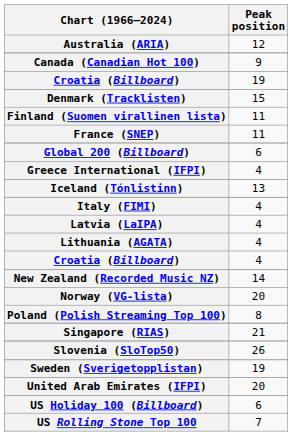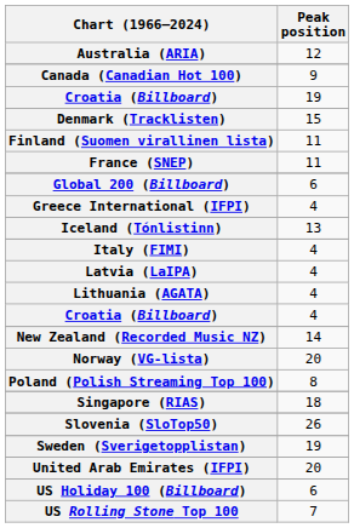 <table class="wikitable sortable plainrowheaders" style="text-align:center">
 <tr>
 <th scope="col">Chart (1966–2024)</th>
 <th scope="col">Peak<br>position</th>
 </tr>
 <tr>
 <th scope="row">Australia (<a href='#'>ARIA</a>)</th>
 <td>12</td>
 </tr>
 <tr>
 </tr>
 <tr>
 </tr>
 <tr>
 </tr>
 <tr>
 <th scope="row">Canada (<a href='#'>Canadian Hot 100</a>)</th>
 <td>9</td>
 </tr>
 <tr>
 <th scope="row"><a href='#'>Croatia</a> (<em><a href='#'>Billboard</a></em>)</th>
 <td>19</td>
 </tr>
 <tr>
 </tr>
 <tr>
 <th scope="row">Denmark (<a href='#'>Tracklisten</a>)</th>
 <td>15</td>
 </tr>
 <tr>
 <th scope="row">Finland (<a href='#'>Suomen virallinen lista</a>)</th>
 <td>11</td>
 </tr>
 <tr>
 <th scope="row">France (<a href='#'>SNEP</a>)</th>
 <td>11</td>
 </tr>
 <tr>
 </tr>
 <tr>
 <th scope="row"><a href='#'>Global 200</a> (<em><a href='#'>Billboard</a></em>)</th>
 <td>6</td>
 </tr>
 <tr>
 <th scope="row">Greece International (<a href='#'>IFPI</a>)</th>
 <td>4</td>
 </tr>
 <tr>
 </tr>
 <tr>
 </tr>
 <tr>
 <th scope="row">Iceland (<a href='#'>Tónlistinn</a>)</th>
 <td>13</td>
 </tr>
 <tr>
 </tr>
 <tr>
 <th scope="row">Italy (<a href='#'>FIMI</a>)</th>
 <td>4</td>
 </tr>
 <tr>
 <th scope="row">Latvia (<a href='#'>LaIPA</a>)</th>
 <td>4</td>
 </tr>
 <tr>
 <th scope="row">Lithuania (<a href='#'>AGATA</a>)</th>
 <td>4</td>
 </tr>
 <tr>
 <th scope="row"><a href='#'>Croatia</a> (<em><a href='#'>Billboard</a></em>)</th>
 <td>4</td>
 </tr>
 <tr>
 </tr>
 <tr>
 <th scope="row">New Zealand (<a href='#'>Recorded Music NZ</a>)</th>
 <td>14</td>
 </tr>
 <tr>
 <th scope="row">Norway (<a href='#'>VG-lista</a>)</th>
 <td>20</td>
 </tr>
 <tr>
 <th scope="row">Poland (<a href='#'>Polish Streaming Top 100</a>)</th>
 <td>8</td>
 </tr>
 <tr>
 </tr>
 <tr>
 <th scope="row">Singapore (<a href='#'>RIAS</a>)</th>
-<td>21</td>
+<td>18</td>
 </tr>
 <tr>
 </tr>
 <tr>
 <th scope="row">Slovenia (<a href='#'>SloTop50</a>)</th>
 <td>26</td>
 </tr>
 <tr>
 </tr>
 <tr>
 <th scope="row">Sweden (<a href='#'>Sverigetopplistan</a>)</th>
 <td>19</td>
 </tr>
 <tr>
 </tr>
 <tr>
 <th scope="row">United Arab Emirates (<a href='#'>IFPI</a>)</th>
 <td>20</td>
 </tr>
 <tr>
 </tr>
 <tr>
 </tr>
 <tr>
 <th scope="row">US <a href='#'>Holiday 100</a> (<em><a href='#'>Billboard</a></em>)</th>
 <td>6</td>
 </tr>
 <tr>
 <th scope="row">US <a href='#'><em>Rolling Stone</em> Top 100</a></th>
 <td>7</td>
 </tr>
 </table>
